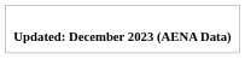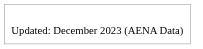 <table style="border:solid 1px #aaa;" cellpadding="10" cellspacing="0">
 <tr>
 <td></td>
 </tr>
 <tr>
-<td><strong>Updated: December 2023 (AENA Data)</strong></td>
+<td>Updated: December 2023 (AENA Data)</td>
 </tr>
 </table>
